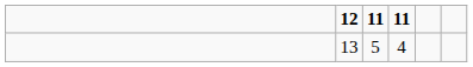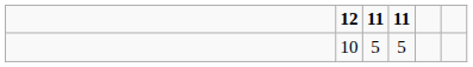 <table class="wikitable">
 <tr>
 <td style="width:18em"><strong></strong></td>
 <td align=center style="width:1em"><strong>12</strong></td>
 <td align=center style="width:1em"><strong>11</strong></td>
 <td align=center style="width:1em"><strong>11</strong></td>
 <td align=center style="width:1em"></td>
 <td align=center style="width:1em"></td>
 </tr>
 <tr>
 <td style="width:18em"></td>
-<td align=center style="width:1em">13</td>
+<td align=center style="width:1em">10</td>
 <td align=center style="width:1em">5</td>
-<td align=center style="width:1em">4</td>
+<td align=center style="width:1em">5</td>
 <td align=center style="width:1em"></td>
 <td align=center style="width:1em"></td>
 </tr>
 </table>
